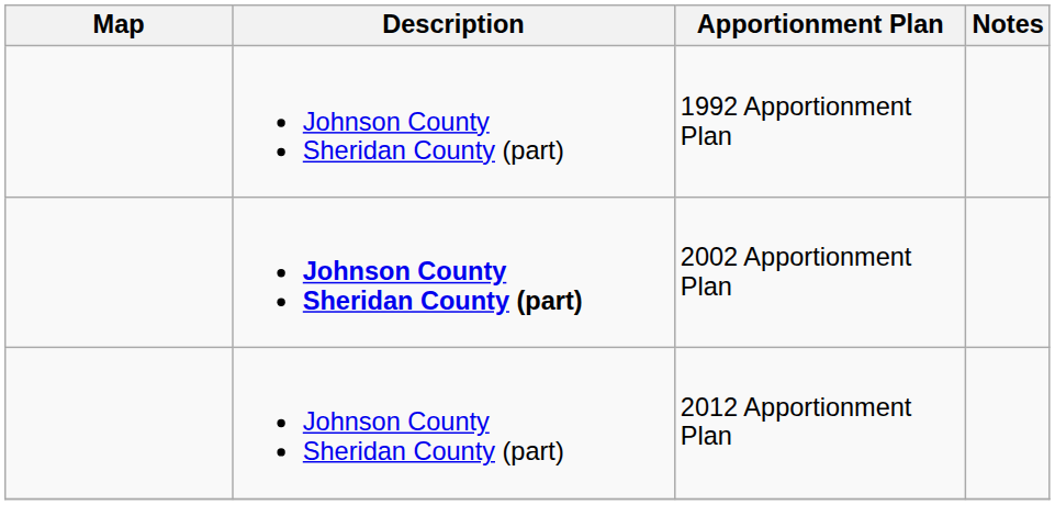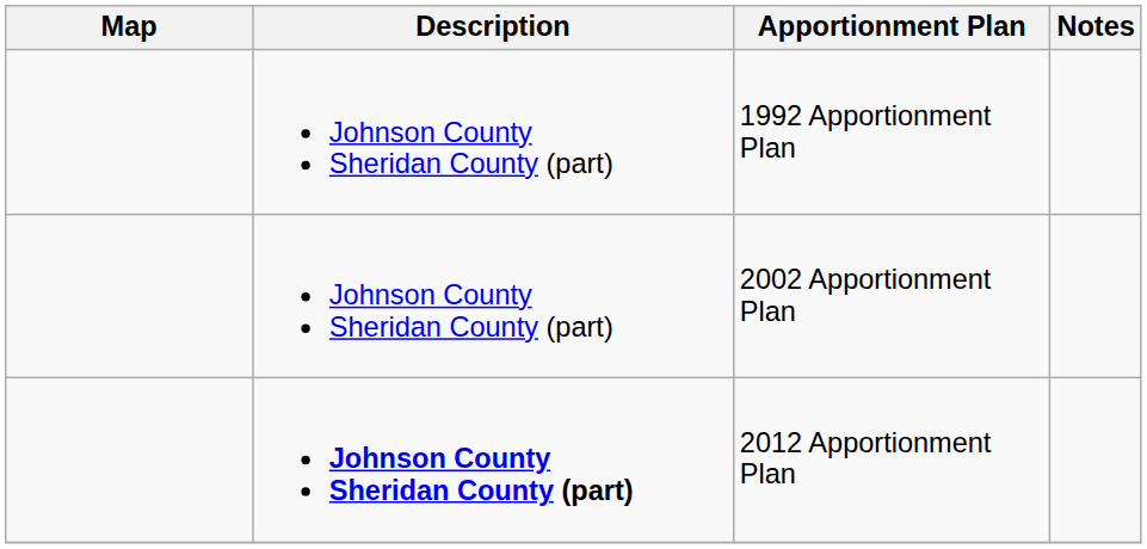 <table class="wikitable sortable">
 <tr>
 <th style="width:100pt;">Map</th>
 <th style="width:200pt;">Description</th>
 <th style="width:130pt;">Apportionment Plan</th>
 <th style="width:15pt;">Notes</th>
 </tr>
 <tr>
 <td></td>
 <td><br><ul><li><a href='#'>Johnson County</a></li><li><a href='#'>Sheridan County</a> (part)</li></ul></td>
 <td>1992 Apportionment Plan</td>
 <td></td>
 </tr>
 <tr>
 <td></td>
-<td><strong><br><ul><li><a href='#'>Johnson County</a></li><li><a href='#'>Sheridan County</a> (part)</li></ul></strong></td>
+<td><br><ul><li><a href='#'>Johnson County</a></li><li><a href='#'>Sheridan County</a> (part)</li></ul></td>
 <td>2002 Apportionment Plan</td>
 <td></td>
 </tr>
 <tr>
 <td></td>
-<td><br><ul><li><a href='#'>Johnson County</a></li><li><a href='#'>Sheridan County</a> (part)</li></ul></td>
+<td><strong><br><ul><li><a href='#'>Johnson County</a></li><li><a href='#'>Sheridan County</a> (part)</li></ul></strong></td>
 <td>2012 Apportionment Plan</td>
 <td></td>
 </tr>
 <tr>
 </tr>
 </table>
